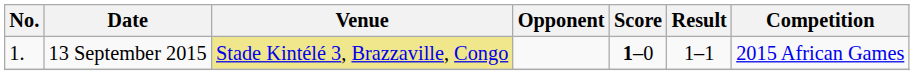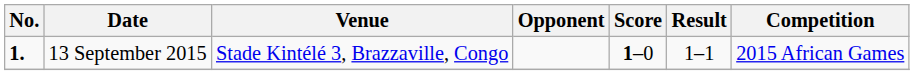 <table class="wikitable">
 <tr>
 <th>No.</th>
 <th>Date</th>
 <th>Venue</th>
 <th>Opponent</th>
 <th>Score</th>
 <th>Result</th>
 <th>Competition</th>
 </tr>
 <tr>
-<td>1.</td>
+<td><strong>1.</strong></td>
 <td>13 September 2015</td>
-<td style="background: khaki;"><a href='#'>Stade Kintélé 3</a>, <a href='#'>Brazzaville</a>, <a href='#'>Congo</a></td>
+<td><a href='#'>Stade Kintélé 3</a>, <a href='#'>Brazzaville</a>, <a href='#'>Congo</a></td>
 <td></td>
 <td align=center><strong>1</strong>–0</td>
 <td align=center>1–1</td>
 <td><a href='#'>2015 African Games</a></td>
 </tr>
 <tr>
 </tr>
 </table>
